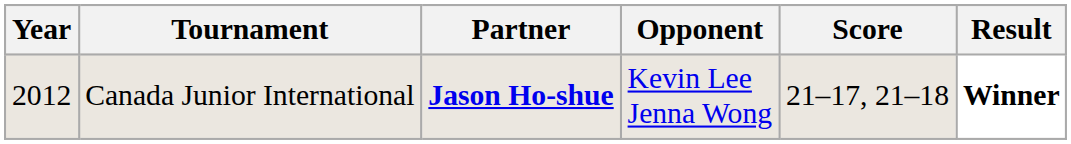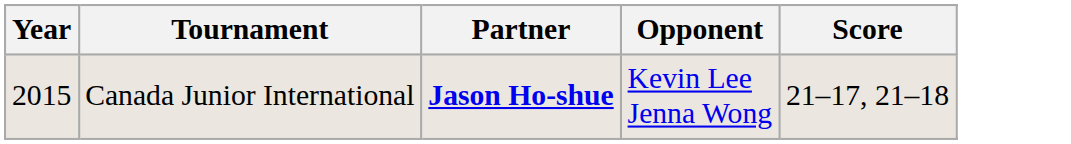 <table class="sortable wikitable" style="font-size:90%">
 <tr>
 <th>Year</th>
 <th>Tournament</th>
 <th>Partner</th>
 <th>Opponent</th>
 <th>Score</th>
-<th>Result</th>
 </tr>
 <tr style="background:#EBE7E0">
-<td align="center">2012</td>
+<td align="center">2015</td>
 <td align="left">Canada Junior International</td>
 <td align="left"><strong> <a href='#'>Jason Ho-shue</a></strong></td>
 <td align="left"> <a href='#'>Kevin Lee</a> <br>  <a href='#'>Jenna Wong</a></td>
 <td align="left">21–17, 21–18</td>
-<td style="text-align:left; background:white"> <strong>Winner</strong></td>
 </tr>
 </table>
